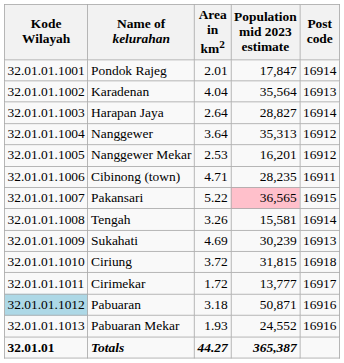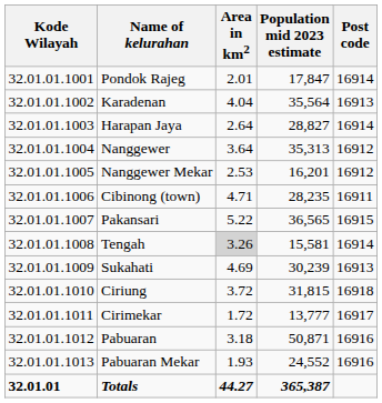 <table class="wikitable">
 <tr>
 <th>Kode <br>Wilayah</th>
 <th>Name of <br> <em>kelurahan</em></th>
 <th>Area <br>in <br>km<sup>2</sup></th>
 <th>Population<br>mid 2023<br>estimate</th>
 <th>Post <br>code</th>
 </tr>
 <tr>
 <td>32.01.01.1001</td>
 <td>Pondok Rajeg</td>
 <td align="right">2.01</td>
 <td align="right">17,847</td>
 <td>16914</td>
 </tr>
 <tr>
 <td>32.01.01.1002</td>
 <td>Karadenan</td>
 <td align="right">4.04</td>
 <td align="right">35,564</td>
 <td>16913</td>
 </tr>
 <tr>
 <td>32.01.01.1003</td>
 <td>Harapan Jaya</td>
 <td align="right">2.64</td>
 <td align="right">28,827</td>
 <td>16914</td>
 </tr>
 <tr>
 <td>32.01.01.1004</td>
 <td>Nanggewer</td>
 <td align="right">3.64</td>
 <td align="right">35,313</td>
 <td>16912</td>
 </tr>
 <tr>
 <td>32.01.01.1005</td>
 <td>Nanggewer Mekar</td>
 <td align="right">2.53</td>
 <td align="right">16,201</td>
 <td>16912</td>
 </tr>
 <tr>
 <td>32.01.01.1006</td>
 <td>Cibinong (town)</td>
 <td align="right">4.71</td>
 <td align="right">28,235</td>
 <td>16911</td>
 </tr>
 <tr>
 <td>32.01.01.1007</td>
 <td>Pakansari</td>
 <td align="right">5.22</td>
-<td align="right" style="background: pink;">36,565</td>
+<td align="right">36,565</td>
 <td>16915</td>
 </tr>
 <tr>
 <td>32.01.01.1008</td>
 <td>Tengah</td>
-<td align="right">3.26</td>
+<td align="right" style="background: lightgrey;">3.26</td>
 <td align="right">15,581</td>
 <td>16914</td>
 </tr>
 <tr>
 <td>32.01.01.1009</td>
 <td>Sukahati</td>
 <td align="right">4.69</td>
 <td align="right">30,239</td>
 <td>16913</td>
 </tr>
 <tr>
 <td>32.01.01.1010</td>
 <td>Ciriung</td>
 <td align="right">3.72</td>
 <td align="right">31,815</td>
 <td>16918</td>
 </tr>
 <tr>
 <td>32.01.01.1011</td>
 <td>Cirimekar</td>
 <td align="right">1.72</td>
 <td align="right">13,777</td>
 <td>16917</td>
 </tr>
 <tr>
-<td style="background: lightblue;">32.01.01.1012</td>
+<td>32.01.01.1012</td>
 <td>Pabuaran</td>
 <td align="right">3.18</td>
 <td align="right">50,871</td>
 <td>16916</td>
 </tr>
 <tr>
 <td>32.01.01.1013</td>
 <td>Pabuaran Mekar</td>
 <td align="right">1.93</td>
 <td align="right">24,552</td>
 <td>16916</td>
 </tr>
 <tr>
 <td><strong>32.01.01</strong></td>
 <td><strong><em>Totals</em></strong></td>
 <td align="right"><strong><em>44.27</em></strong></td>
 <td align="right"><strong><em>365,387</em></strong></td>
 </tr>
 </table>
